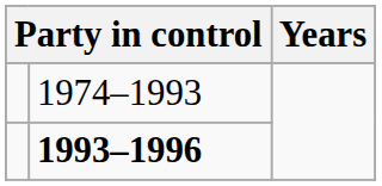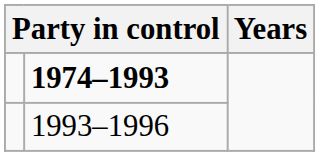 <table class="wikitable">
 <tr>
 <th colspan="2">Party in control</th>
 <th>Years</th>
 </tr>
 <tr>
 <td></td>
-<td>1974–1993</td>
+<td><strong>1974–1993</strong></td>
 </tr>
 <tr>
 <td></td>
-<td><strong>1993–1996</strong></td>
+<td>1993–1996</td>
 </tr>
 </table>
